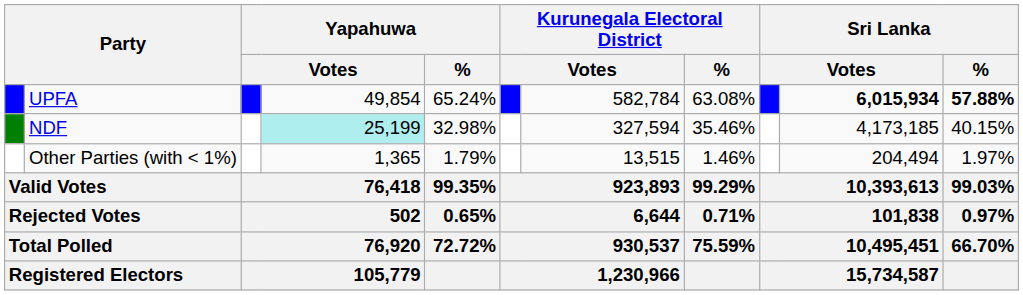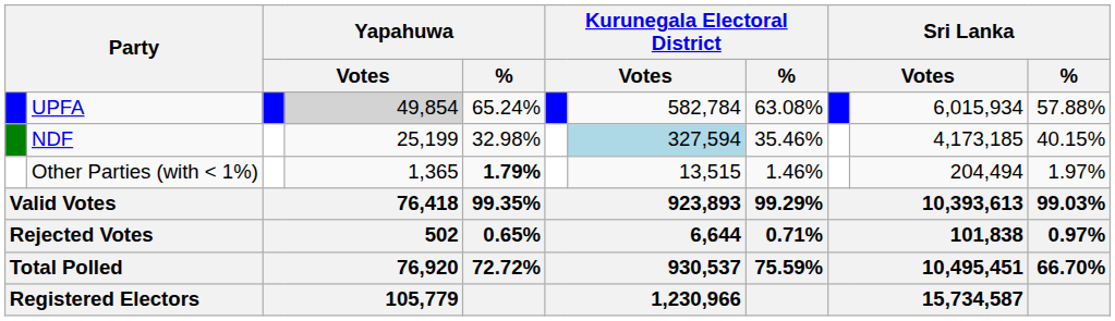 <table class="wikitable">
 <tr>
 <th colspan="2" width="144px"rowspan="2">Party</th>
 <th colspan="3" width="216px">Yapahuwa</th>
 <th colspan="3" width="216px"><a href='#'>Kurunegala Electoral District</a></th>
 <th colspan="3" width="216px">Sri Lanka</th>
 </tr>
 <tr>
 <th colspan="2" width="144px">Votes</th>
 <th>%</th>
 <th colspan="2" width="144px">Votes</th>
 <th>%</th>
 <th colspan="2" width="144px">Votes</th>
 <th>%</th>
 </tr>
 <tr>
 <td style="background-color:blue;" width="10px"></td>
 <td style="text-align:left;"><a href='#'>UPFA</a></td>
 <td style="background-color:blue;" width="10px"></td>
-<td style="text-align:right;">49,854</td>
+<td style="background: lightgrey; text-align:right;">49,854</td>
 <td style="text-align:right;">65.24%</td>
 <td style="background-color:blue;" width="10px"></td>
 <td style="text-align:right;">582,784</td>
 <td style="text-align:right;">63.08%</td>
 <td style="background-color:blue;" width="10px"></td>
-<td style="text-align:right;"><strong>6,015,934</strong></td>
-<td style="text-align:right;"><strong>57.88%</strong></td>
+<td style="text-align:right;">6,015,934</td>
+<td style="text-align:right;">57.88%</td>
 </tr>
 <tr>
 <td style="background-color:green;" width="10px"></td>
 <td style="text-align:left;"><a href='#'>NDF</a></td>
 <td style="background-color:white;" width="10px"></td>
-<td style="background: paleturquoise; text-align:right;">25,199</td>
+<td style="text-align:right;">25,199</td>
 <td style="text-align:right;">32.98%</td>
 <td style="background-color:white;" width="10px"></td>
-<td style="text-align:right;">327,594</td>
+<td style="background: lightblue; text-align:right;">327,594</td>
 <td style="text-align:right;">35.46%</td>
 <td style="background-color:white;" width="10px"></td>
 <td style="text-align:right;">4,173,185</td>
 <td style="text-align:right;">40.15%</td>
 </tr>
 <tr>
 <td style="background-color:white;" width="10px"></td>
 <td style="text-align:left;">Other Parties (with < 1%)</td>
 <td style="background-color:white;" width="10px"></td>
 <td style="text-align:right;">1,365</td>
-<td style="text-align:right;">1.79%</td>
+<td style="text-align:right;"><strong>1.79%</strong></td>
 <td style="background-color:white;" width="10px"></td>
 <td style="text-align:right;">13,515</td>
 <td style="text-align:right;">1.46%</td>
 <td style="background-color:white;" width="10px"></td>
 <td style="text-align:right;">204,494</td>
 <td style="text-align:right;">1.97%</td>
 </tr>
 <tr>
 <th colspan="2" width="144px"style="text-align:left;">Valid Votes</th>
 <th style="text-align:right;"colspan="2" width="144px">76,418</th>
 <th style="text-align:right;">99.35%</th>
 <th style="text-align:right;"colspan="2" width="144px">923,893</th>
 <th style="text-align:right;">99.29%</th>
 <th style="text-align:right;"colspan="2" width="144px">10,393,613</th>
 <th style="text-align:right;">99.03%</th>
 </tr>
 <tr>
 <th colspan="2" width="144px"style="text-align:left;">Rejected Votes</th>
 <th style="text-align:right;"colspan="2" width="144px">502</th>
 <th style="text-align:right;">0.65%</th>
 <th style="text-align:right;"colspan="2" width="144px">6,644</th>
 <th style="text-align:right;">0.71%</th>
 <th style="text-align:right;"colspan="2" width="144px">101,838</th>
 <th style="text-align:right;">0.97%</th>
 </tr>
 <tr>
 <th colspan="2" width="144px"style="text-align:left;">Total Polled</th>
 <th style="text-align:right;"colspan="2" width="144px">76,920</th>
 <th style="text-align:right;">72.72%</th>
 <th style="text-align:right;"colspan="2" width="144px">930,537</th>
 <th style="text-align:right;">75.59%</th>
 <th style="text-align:right;"colspan="2" width="144px">10,495,451</th>
 <th style="text-align:right;">66.70%</th>
 </tr>
 <tr>
 <th colspan="2" width="144px"style="text-align:left;">Registered Electors</th>
 <th style="text-align:right;"colspan="2" width="144px">105,779</th>
 <th></th>
 <th style="text-align:right;"colspan="2" width="144px">1,230,966</th>
 <th></th>
 <th style="text-align:right;"colspan="2" width="144px">15,734,587</th>
 <th></th>
 </tr>
 </table>
